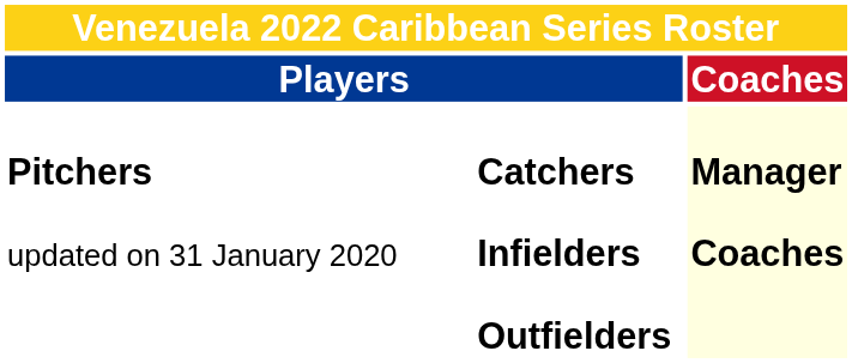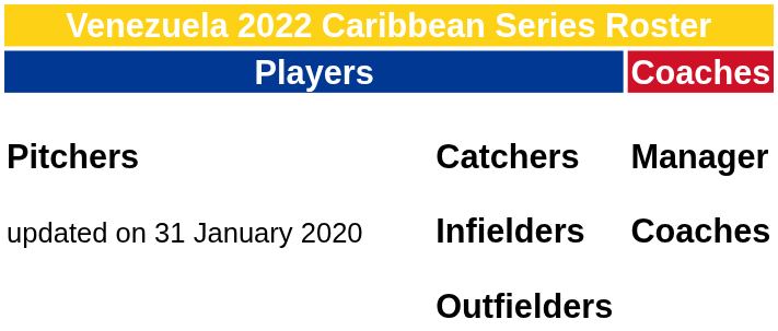 <table class="toccolours" style="font-size: 95%;">
 <tr>
 <th colspan="10" style="background-color: #FCD116;color:white;text-align:center;">Venezuela 2022 Caribbean Series Roster</th>
 </tr>
 <tr>
 <th colspan="4" style="background-color: #003893; color: #FFFFFF">Players</th>
 <th colspan="1" style="background-color: #CE1126; color: #FFFFFF">Coaches</th>
 </tr>
 <tr>
 <td style="vertical-align:top;text-align:left;"><br><strong>Pitchers</strong><br>               <br><small><span></span> updated on 31 January 2020</small></td>
 <td width="25px"></td>
 <td style="vertical-align:top;text-align:left;"><br><strong>Catchers</strong><br>  <br><strong>Infielders</strong><br>      <br><strong>Outfielders</strong><br>     </td>
 <td style="vertical-align:top;text-align:left;"></td>
-<td style="background: lightyellow; vertical-align:top;text-align:left;"><br><strong>Manager</strong><br><br><strong>Coaches</strong></td>
+<td style="vertical-align:top;text-align:left;"><br><strong>Manager</strong><br><br><strong>Coaches</strong></td>
 </tr>
 </table>
